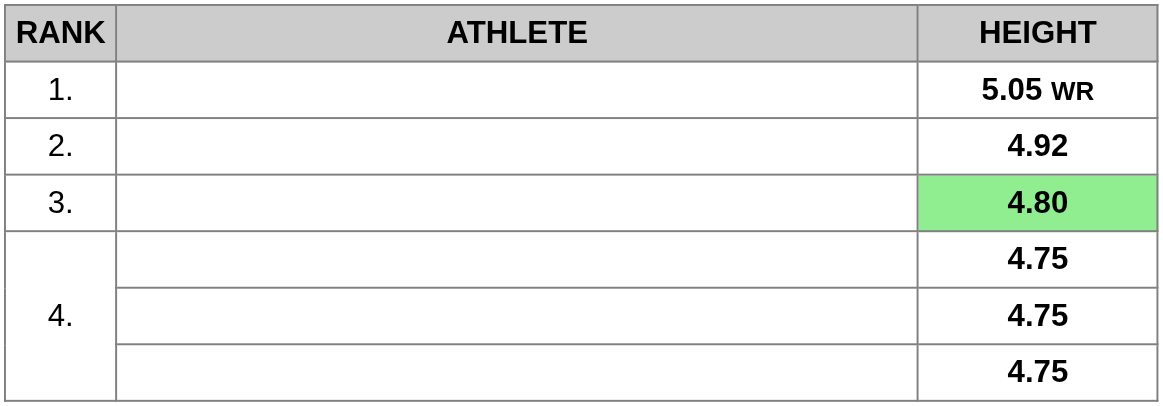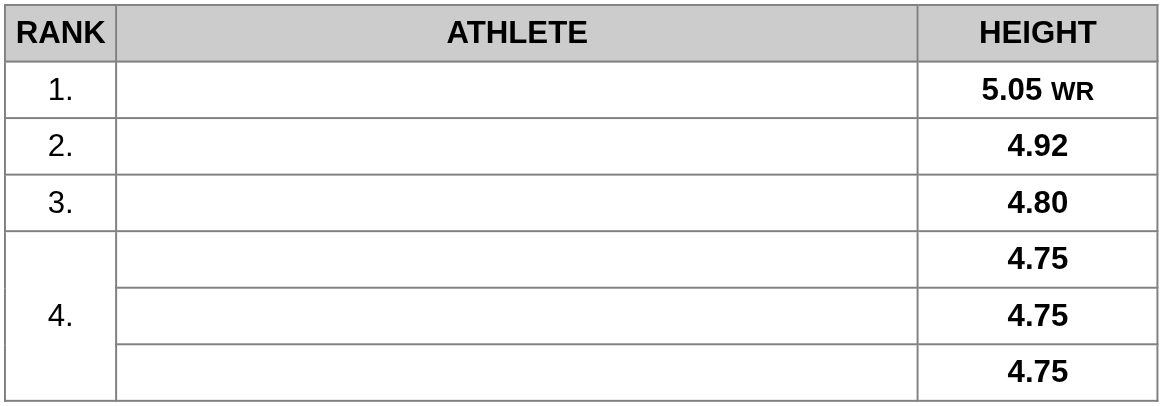 <table border="1" cellspacing="2" cellpadding="5" style="border-collapse: collapse; font-size: 100%;">
 <tr bgcolor="cccccc">
 <th>RANK</th>
 <th align="center" style="width: 25em">ATHLETE</th>
 <th align="center" style="width: 7em">HEIGHT</th>
 </tr>
 <tr>
 <td align="center">1.</td>
 <td></td>
 <td align="center"><strong>5.05</strong> <small><strong>WR</strong></small></td>
 </tr>
 <tr>
 <td align="center">2.</td>
 <td></td>
 <td align="center"><strong>4.92</strong></td>
 </tr>
 <tr>
 <td align="center">3.</td>
 <td></td>
-<td align="center" style="background: lightgreen;"><strong>4.80</strong></td>
+<td align="center"><strong>4.80</strong></td>
 </tr>
 <tr>
 <td rowspan=3 align="center">4.</td>
 <td></td>
 <td align="center"><strong>4.75</strong></td>
 </tr>
 <tr>
 <td></td>
 <td align="center"><strong>4.75</strong></td>
 </tr>
 <tr>
 <td></td>
 <td align="center"><strong>4.75</strong></td>
 </tr>
 </table>
